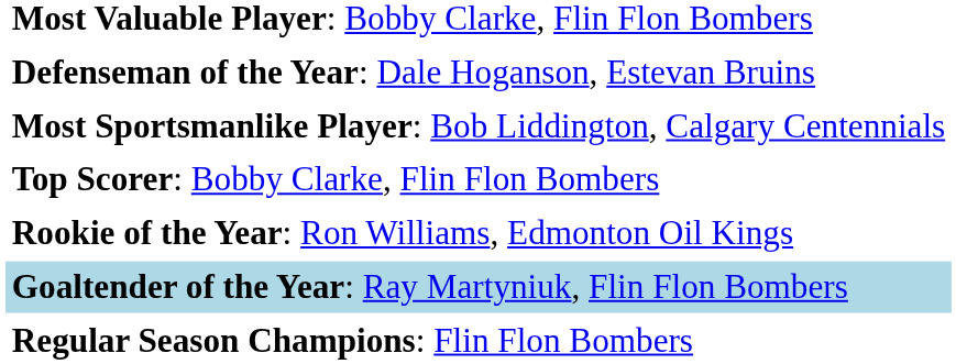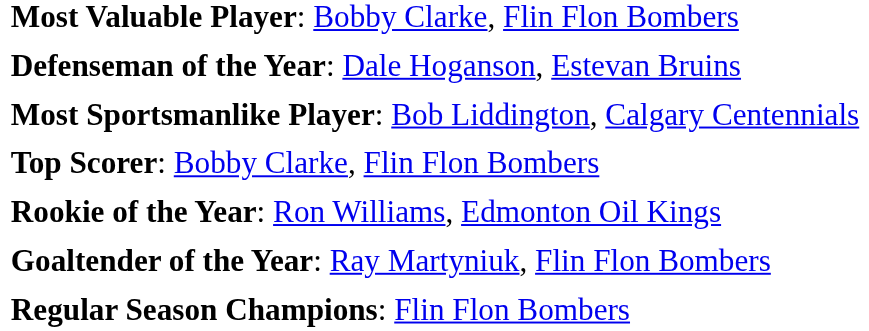 <table cellpadding="3" cellspacing="1">
 <tr>
 <td><strong>Most Valuable Player</strong>: <a href='#'>Bobby Clarke</a>, <a href='#'>Flin Flon Bombers</a></td>
 </tr>
 <tr>
 <td><strong>Defenseman of the Year</strong>: <a href='#'>Dale Hoganson</a>, <a href='#'>Estevan Bruins</a></td>
 </tr>
 <tr>
 <td><strong>Most Sportsmanlike Player</strong>: <a href='#'>Bob Liddington</a>, <a href='#'>Calgary Centennials</a></td>
 </tr>
 <tr>
 <td><strong>Top Scorer</strong>: <a href='#'>Bobby Clarke</a>, <a href='#'>Flin Flon Bombers</a></td>
 </tr>
 <tr>
 <td><strong>Rookie of the Year</strong>: <a href='#'>Ron Williams</a>, <a href='#'>Edmonton Oil Kings</a></td>
 </tr>
 <tr>
-<td style="background: lightblue;"><strong>Goaltender of the Year</strong>: <a href='#'>Ray Martyniuk</a>, <a href='#'>Flin Flon Bombers</a></td>
+<td><strong>Goaltender of the Year</strong>: <a href='#'>Ray Martyniuk</a>, <a href='#'>Flin Flon Bombers</a></td>
 </tr>
 <tr>
 <td><strong>Regular Season Champions</strong>: <a href='#'>Flin Flon Bombers</a></td>
 </tr>
 </table>
